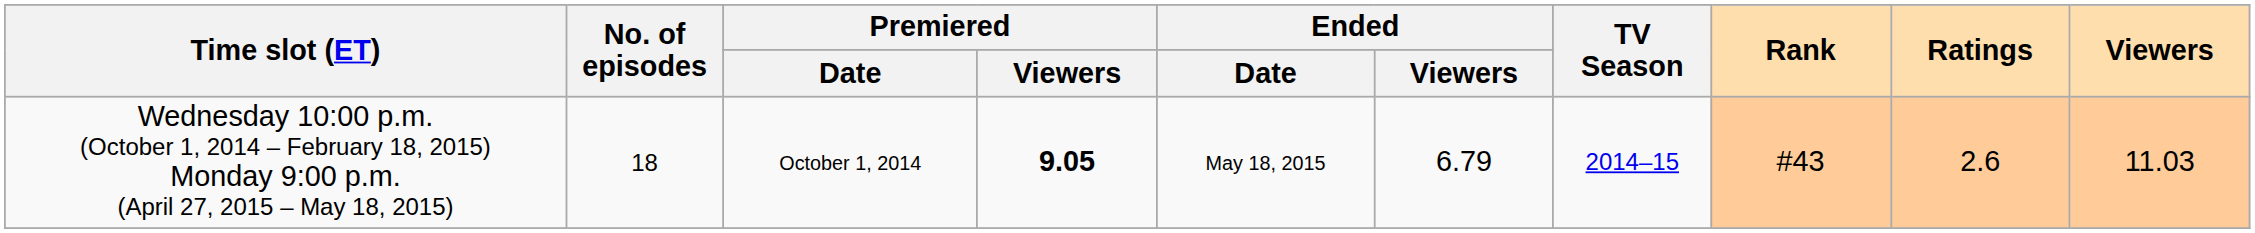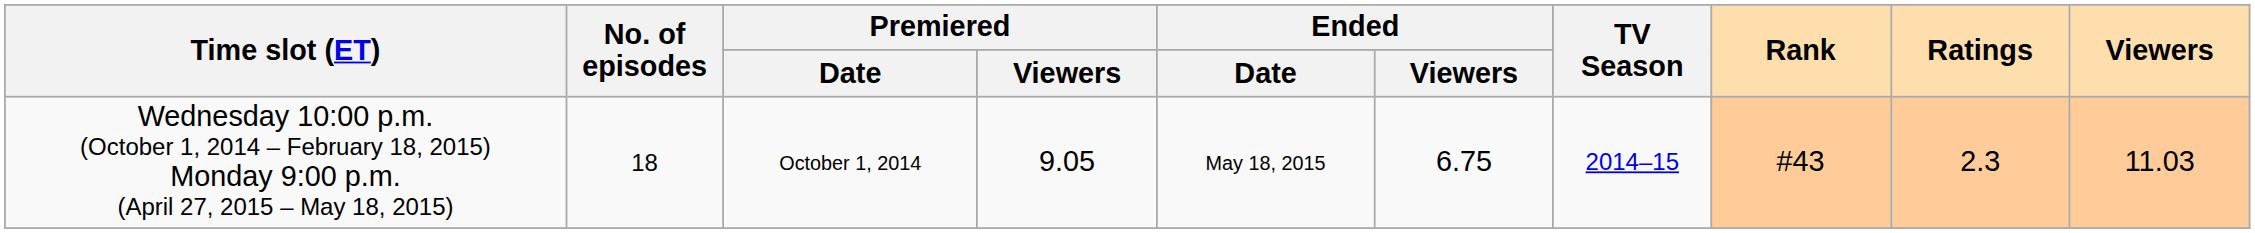 <table class="wikitable plainrowheaders" style="text-align:center">
 <tr>
 <th scope="col" style="width:25%;" rowspan="2">Time slot (<a href='#'>ET</a>)</th>
 <th scope="col" style="width:7%;" rowspan="2">No. of<br>episodes</th>
 <th scope="col" colspan=2>Premiered</th>
 <th scope="col" colspan=2>Ended</th>
 <th scope="col" style="width:7%;" rowspan="2">TV Season</th>
 <th scope="col" style="width:8%; background:#ffdead;" rowspan="2">Rank</th>
 <th scope="col" style="width:8%; background:#ffdead;" rowspan="2">Ratings</th>
 <th scope="col" style="width:8%; background:#ffdead;" rowspan="2">Viewers<br></th>
 </tr>
 <tr>
 <th scope="col">Date</th>
 <th scope="col" span style="width:8%; line-height:100%;">Viewers<br></th>
 <th scope="col">Date</th>
 <th scope="col" span style="width:8%; line-height:100%;">Viewers<br></th>
 </tr>
 <tr>
 <td span style="font-weight:normal;line-height:100%">Wednesday 10:00 p.m.<br><small>(October 1, 2014 – February 18, 2015)</small><br>Monday 9:00 p.m.<br><small>(April 27, 2015 – May 18, 2015)</small></td>
 <td><small>18</small></td>
 <td style="font-size:11px;line-height:110%">October 1, 2014</td>
-<td><strong>9.05</strong></td>
+<td>9.05</td>
 <td style="font-size:11px;line-height:110%">May 18, 2015</td>
-<td>6.79</td>
+<td>6.75</td>
 <td style="font-size:smaller"><a href='#'>2014–15</a></td>
 <td style="background:#fc9;">#43</td>
-<td style="background:#fc9;">2.6</td>
+<td style="background:#fc9;">2.3</td>
 <td style="background:#fc9;">11.03</td>
 </tr>
 </table>
